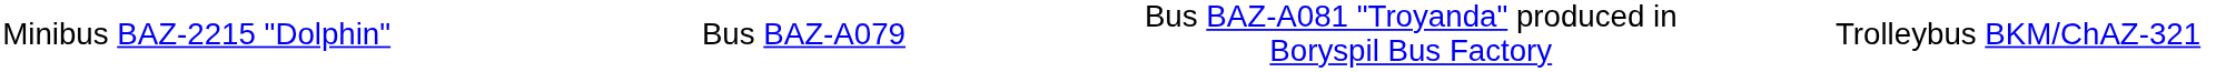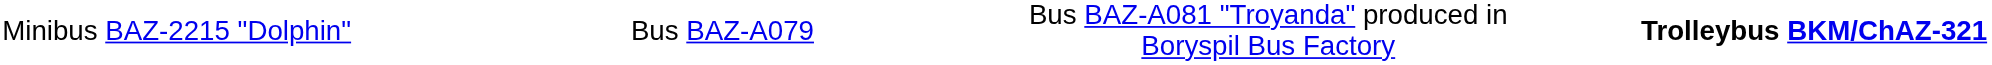 <table Class = "graytable" style = "text-align: center">
 <tr>
 <td Width = "25%"></td>
 <td Width = "25%"></td>
 <td Width = "25%"></td>
 <td Width = "25%"></td>
 </tr>
 <tr>
 <td>Minibus <a href='#'>BAZ-2215 "Dolphin"</a></td>
 <td>Bus <a href='#'>BAZ-A079</a></td>
 <td>Bus <a href='#'>BAZ-A081 "Troyanda"</a> produced in <a href='#'>Boryspil Bus Factory</a></td>
-<td>Trolleybus <a href='#'>BKM/ChAZ-321</a></td>
+<td><strong>Trolleybus <a href='#'>BKM/ChAZ-321</a></strong></td>
 </tr>
 <tr>
 </tr>
 </table>
